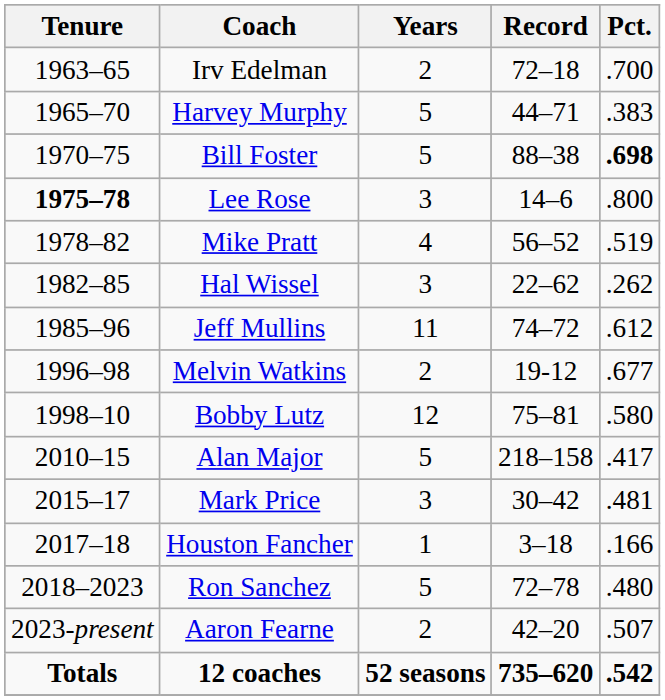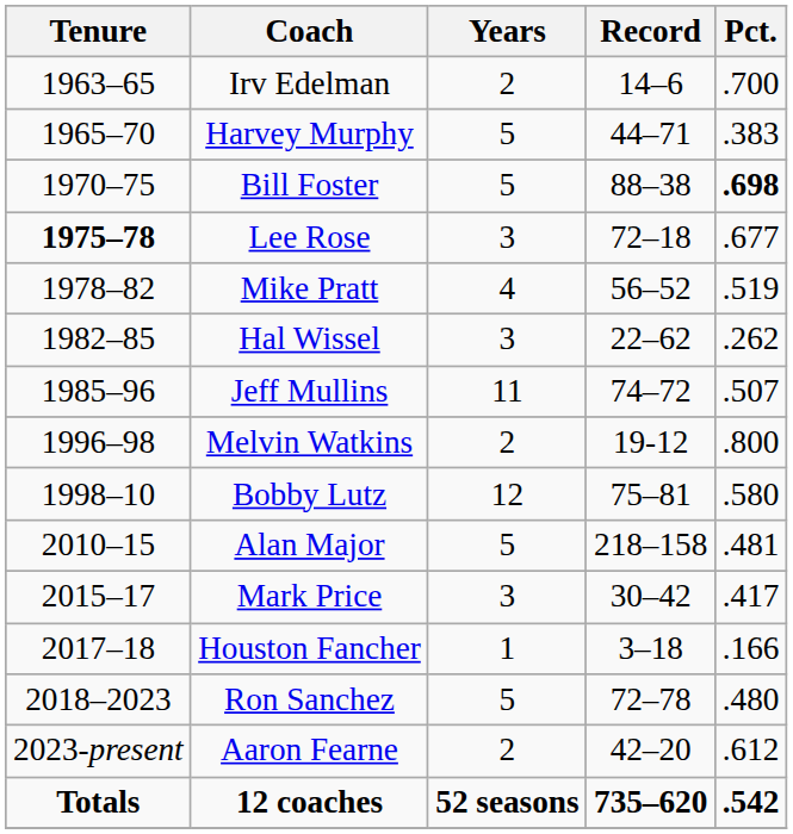 <table class="wikitable" style="text-align:center">
 <tr>
 <th>Tenure</th>
 <th>Coach</th>
 <th>Years</th>
 <th>Record</th>
 <th>Pct.</th>
 </tr>
 <tr>
 <td>1963–65</td>
 <td>Irv Edelman</td>
 <td>2</td>
-<td>72–18</td>
+<td>14–6</td>
 <td>.700</td>
 </tr>
 <tr>
 <td>1965–70</td>
 <td><a href='#'>Harvey Murphy</a></td>
 <td>5</td>
 <td>44–71</td>
 <td>.383</td>
 </tr>
 <tr>
 <td>1970–75</td>
 <td><a href='#'>Bill Foster</a></td>
 <td>5</td>
 <td>88–38</td>
 <td><strong>.698</strong></td>
 </tr>
 <tr>
 <td><strong>1975–78</strong></td>
 <td><a href='#'>Lee Rose</a></td>
 <td>3</td>
-<td>14–6</td>
-<td>.800</td>
+<td>72–18</td>
+<td>.677</td>
 </tr>
 <tr>
 <td>1978–82</td>
 <td><a href='#'>Mike Pratt</a></td>
 <td>4</td>
 <td>56–52</td>
 <td>.519</td>
 </tr>
 <tr>
 <td>1982–85</td>
 <td><a href='#'>Hal Wissel</a></td>
 <td>3</td>
 <td>22–62</td>
 <td>.262</td>
 </tr>
 <tr>
 <td>1985–96</td>
 <td><a href='#'>Jeff Mullins</a></td>
 <td>11</td>
 <td>74–72</td>
-<td>.612</td>
+<td>.507</td>
 </tr>
 <tr>
 <td>1996–98</td>
 <td><a href='#'>Melvin Watkins</a></td>
 <td>2</td>
 <td>19-12</td>
-<td>.677</td>
+<td>.800</td>
 </tr>
 <tr>
 <td>1998–10</td>
 <td><a href='#'>Bobby Lutz</a></td>
 <td>12</td>
 <td>75–81</td>
 <td>.580</td>
 </tr>
 <tr>
 <td>2010–15</td>
 <td><a href='#'>Alan Major</a></td>
 <td>5</td>
 <td>218–158</td>
-<td>.417</td>
+<td>.481</td>
 </tr>
 <tr>
 <td>2015–17</td>
 <td><a href='#'>Mark Price</a></td>
 <td>3</td>
 <td>30–42</td>
-<td>.481</td>
+<td>.417</td>
 </tr>
 <tr>
 <td>2017–18</td>
 <td><a href='#'>Houston Fancher</a></td>
 <td>1</td>
 <td>3–18</td>
 <td>.166</td>
 </tr>
 <tr>
 <td>2018–2023</td>
 <td><a href='#'>Ron Sanchez</a></td>
 <td>5</td>
 <td>72–78</td>
 <td>.480</td>
 </tr>
 <tr>
 <td>2023-<em>present</em></td>
 <td><a href='#'>Aaron Fearne</a></td>
 <td>2</td>
 <td>42–20</td>
-<td>.507</td>
+<td>.612</td>
 </tr>
 <tr style="font-weight:bold; ">
 <td>Totals</td>
 <td>12 coaches</td>
 <td>52 seasons</td>
 <td>735–620</td>
 <td>.542</td>
 </tr>
 <tr>
 </tr>
 </table>
